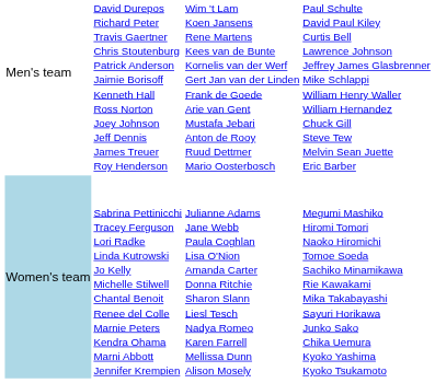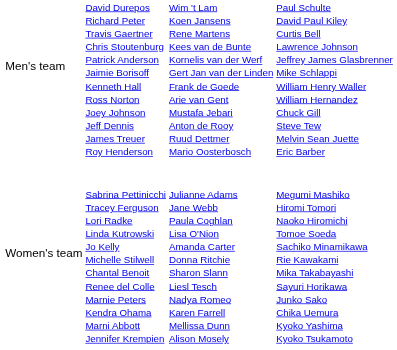 <table>
 <tr>
 <td>Men's team<br></td>
 <td valign=top> <br><br><small><a href='#'>David Durepos</a> <br> <a href='#'>Richard Peter</a> <br> <a href='#'>Travis Gaertner</a> <br> <a href='#'>Chris Stoutenburg</a> <br> <a href='#'>Patrick Anderson</a> <br> <a href='#'>Jaimie Borisoff</a> <br> <a href='#'>Kenneth Hall</a> <br> <a href='#'>Ross Norton</a> <br> <a href='#'>Joey Johnson</a> <br> <a href='#'>Jeff Dennis</a> <br> <a href='#'>James Treuer</a> <br> <a href='#'>Roy Henderson</a></small></td>
 <td valign=top> <br><br><small><a href='#'>Wim 't Lam</a> <br> <a href='#'>Koen Jansens</a> <br> <a href='#'>Rene Martens</a> <br> <a href='#'>Kees van de Bunte</a> <br> <a href='#'>Kornelis van der Werf</a> <br> <a href='#'>Gert Jan van der Linden</a> <br> <a href='#'>Frank de Goede</a> <br> <a href='#'>Arie van Gent</a> <br> <a href='#'>Mustafa Jebari</a> <br> <a href='#'>Anton de Rooy</a> <br> <a href='#'>Ruud Dettmer</a> <br> <a href='#'>Mario Oosterbosch</a></small></td>
 <td valign=top> <br><br><small><a href='#'>Paul Schulte</a> <br> <a href='#'>David Paul Kiley</a> <br> <a href='#'>Curtis Bell</a> <br> <a href='#'>Lawrence Johnson</a> <br> <a href='#'>Jeffrey James Glasbrenner</a> <br> <a href='#'>Mike Schlappi</a> <br> <a href='#'>William Henry Waller</a> <br> <a href='#'>William Hernandez</a> <br> <a href='#'>Chuck Gill</a> <br> <a href='#'>Steve Tew</a> <br> <a href='#'>Melvin Sean Juette</a> <br> <a href='#'>Eric Barber</a></small></td>
 </tr>
 <tr>
-<td style="background: lightblue;">Women's team<br></td>
+<td>Women's team<br></td>
 <td valign=top> <br><br><small><a href='#'>Sabrina Pettinicchi</a> <br> <a href='#'>Tracey Ferguson</a> <br> <a href='#'>Lori Radke</a> <br> <a href='#'>Linda Kutrowski</a> <br> <a href='#'>Jo Kelly</a> <br> <a href='#'>Michelle Stilwell</a> <br> <a href='#'>Chantal Benoit</a> <br> <a href='#'>Renee del Colle</a> <br> <a href='#'>Marnie Peters</a> <br> <a href='#'>Kendra Ohama</a> <br> <a href='#'>Marni Abbott</a> <br> <a href='#'>Jennifer Krempien</a></small></td>
 <td valign=top> <br><br><small><a href='#'>Julianne Adams</a> <br> <a href='#'>Jane Webb</a> <br> <a href='#'>Paula Coghlan</a> <br> <a href='#'>Lisa O'Nion</a> <br> <a href='#'>Amanda Carter</a> <br> <a href='#'>Donna Ritchie</a> <br> <a href='#'>Sharon Slann</a> <br> <a href='#'>Liesl Tesch</a> <br> <a href='#'>Nadya Romeo</a> <br> <a href='#'>Karen Farrell</a> <br> <a href='#'>Mellissa Dunn</a> <br> <a href='#'>Alison Mosely</a></small></td>
 <td valign=top> <br><br><small><a href='#'>Megumi Mashiko</a> <br> <a href='#'>Hiromi Tomori</a> <br> <a href='#'>Naoko Hiromichi</a> <br> <a href='#'>Tomoe Soeda</a> <br> <a href='#'>Sachiko Minamikawa</a> <br> <a href='#'>Rie Kawakami</a> <br> <a href='#'>Mika Takabayashi</a> <br> <a href='#'>Sayuri Horikawa</a> <br> <a href='#'>Junko Sako</a> <br> <a href='#'>Chika Uemura</a> <br> <a href='#'>Kyoko Yashima</a> <br> <a href='#'>Kyoko Tsukamoto</a></small></td>
 </tr>
 </table>
